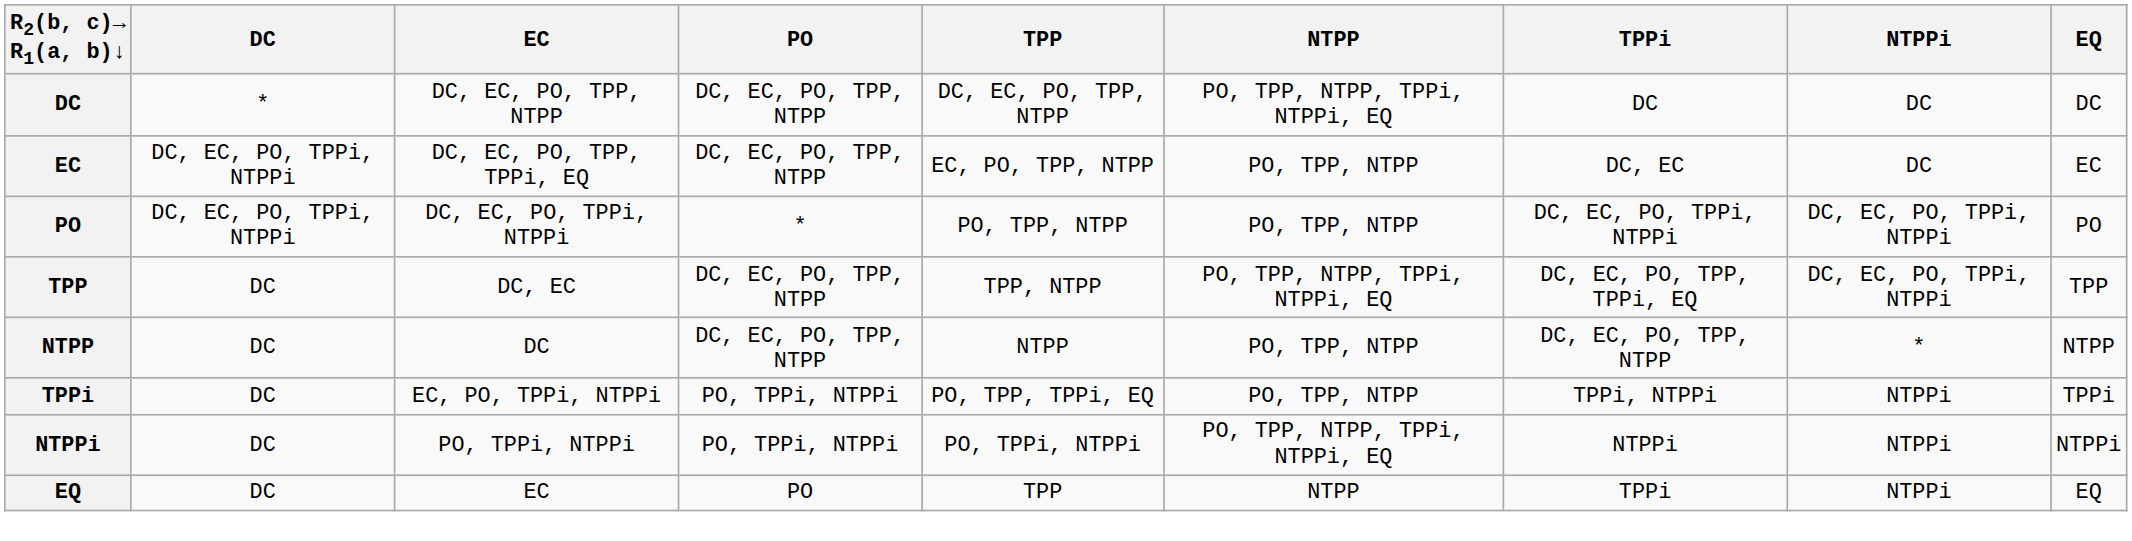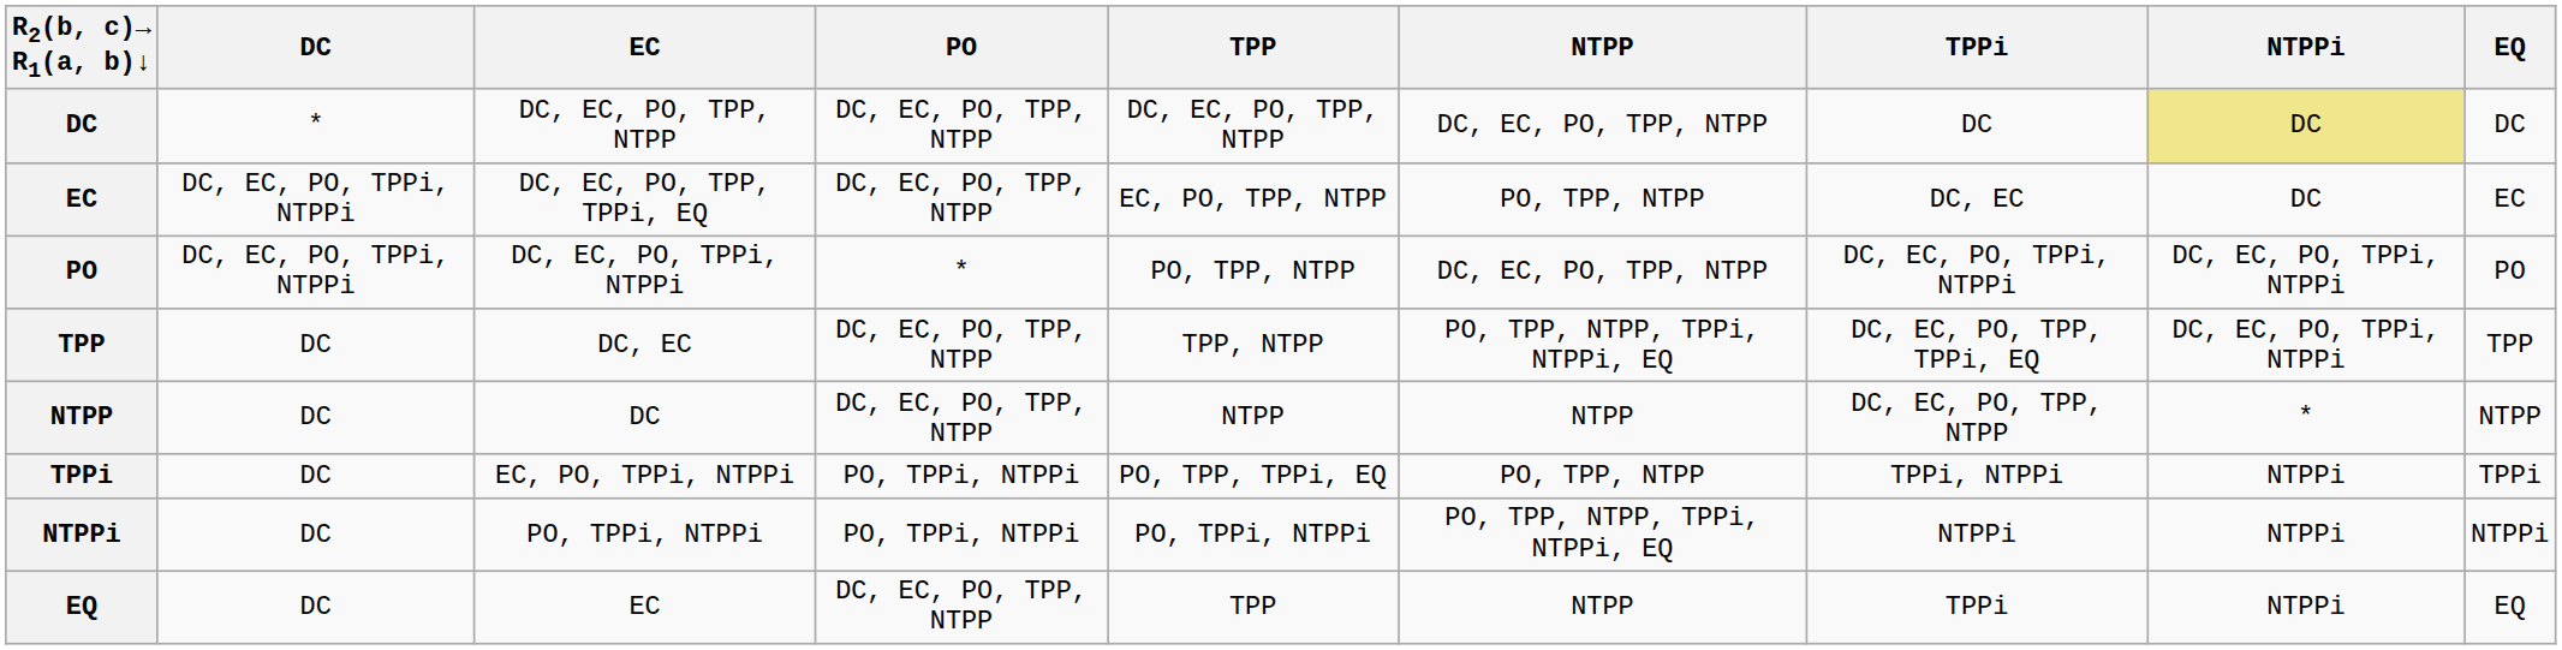 <table class="wikitable" style="margin:1em auto; text-align:center;" border="1">
 <tr>
 <th>R<sub>2</sub>(b, c)→<br>R<sub>1</sub>(a, b)↓</th>
 <th>DC</th>
 <th>EC</th>
 <th>PO</th>
 <th>TPP</th>
 <th>NTPP</th>
 <th>TPPi</th>
 <th>NTPPi</th>
 <th>EQ</th>
 </tr>
 <tr>
 <th>DC</th>
 <td>*</td>
 <td>DC, EC, PO, TPP, NTPP</td>
 <td>DC, EC, PO, TPP, NTPP</td>
 <td>DC, EC, PO, TPP, NTPP</td>
-<td>PO, TPP, NTPP, TPPi, NTPPi, EQ</td>
+<td>DC, EC, PO, TPP, NTPP</td>
 <td>DC</td>
-<td>DC</td>
+<td style="background: khaki;">DC</td>
 <td>DC</td>
 </tr>
 <tr>
 <th>EC</th>
 <td>DC, EC, PO, TPPi, NTPPi</td>
 <td>DC, EC, PO, TPP, TPPi, EQ</td>
 <td>DC, EC, PO, TPP, NTPP</td>
 <td>EC, PO, TPP, NTPP</td>
 <td>PO, TPP, NTPP</td>
 <td>DC, EC</td>
 <td>DC</td>
 <td>EC</td>
 </tr>
 <tr>
 <th>PO</th>
 <td>DC, EC, PO, TPPi, NTPPi</td>
 <td>DC, EC, PO, TPPi, NTPPi</td>
 <td>*</td>
 <td>PO, TPP, NTPP</td>
-<td>PO, TPP, NTPP</td>
+<td>DC, EC, PO, TPP, NTPP</td>
 <td>DC, EC, PO, TPPi, NTPPi</td>
 <td>DC, EC, PO, TPPi, NTPPi</td>
 <td>PO</td>
 </tr>
 <tr>
 <th>TPP</th>
 <td>DC</td>
 <td>DC, EC</td>
 <td>DC, EC, PO, TPP, NTPP</td>
 <td>TPP, NTPP</td>
 <td>PO, TPP, NTPP, TPPi, NTPPi, EQ</td>
 <td>DC, EC, PO, TPP, TPPi, EQ</td>
 <td>DC, EC, PO, TPPi, NTPPi</td>
 <td>TPP</td>
 </tr>
 <tr>
 <th>NTPP</th>
 <td>DC</td>
 <td>DC</td>
 <td>DC, EC, PO, TPP, NTPP</td>
 <td>NTPP</td>
-<td>PO, TPP, NTPP</td>
+<td>NTPP</td>
 <td>DC, EC, PO, TPP, NTPP</td>
 <td>*</td>
 <td>NTPP</td>
 </tr>
 <tr>
 <th>TPPi</th>
 <td>DC</td>
 <td>EC, PO, TPPi, NTPPi</td>
 <td>PO, TPPi, NTPPi</td>
 <td>PO, TPP, TPPi, EQ</td>
 <td>PO, TPP, NTPP</td>
 <td>TPPi, NTPPi</td>
 <td>NTPPi</td>
 <td>TPPi</td>
 </tr>
 <tr>
 <th>NTPPi</th>
 <td>DC</td>
 <td>PO, TPPi, NTPPi</td>
 <td>PO, TPPi, NTPPi</td>
 <td>PO, TPPi, NTPPi</td>
 <td>PO, TPP, NTPP, TPPi, NTPPi, EQ</td>
 <td>NTPPi</td>
 <td>NTPPi</td>
 <td>NTPPi</td>
 </tr>
 <tr>
 <th>EQ</th>
 <td>DC</td>
 <td>EC</td>
-<td>PO</td>
+<td>DC, EC, PO, TPP, NTPP</td>
 <td>TPP</td>
 <td>NTPP</td>
 <td>TPPi</td>
 <td>NTPPi</td>
 <td>EQ</td>
 </tr>
 </table>
